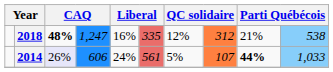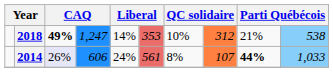 <table class="wikitable" style="float:right; width:400; font-size:90%; margin-left:1em;">
 <tr>
 <th colspan="2" scope="col">Year</th>
 <th colspan="2" scope="col"><a href='#'>CAQ</a></th>
 <th colspan="2" scope="col"><a href='#'>Liberal</a></th>
 <th colspan="2" scope="col"><a href='#'>QC solidaire</a></th>
 <th colspan="2" scope="col"><a href='#'>Parti Québécois</a></th>
 </tr>
 <tr>
 <td style="width: 0.25em; background-color: "></td>
 <th><a href='#'>2018</a></th>
-<td><strong>48%</strong></td>
+<td><strong>49%</strong></td>
 <td style="text-align:right; background:#1E90FF;"><em>1,247</em></td>
-<td>16%</td>
-<td style="text-align:right; background:#EA6D6A;"><em>335</em></td>
-<td>12%</td>
+<td>14%</td>
+<td style="text-align:right; background:#EA6D6A;"><em>353</em></td>
+<td>10%</td>
 <td style="text-align:right; background:#FF8040;"><em>312</em></td>
 <td>21%</td>
 <td style="text-align:right; background:#87CEFA;"><em>538</em></td>
 </tr>
 <tr>
 <td style="width: 0.25em; background-color: "></td>
 <th><a href='#'>2014</a></th>
 <td style="background: lavender;">26%</td>
 <td style="text-align:right; background:#1E90FF;"><em>606</em></td>
 <td>24%</td>
 <td style="text-align:right; background:#EA6D6A;"><em>561</em></td>
-<td>5%</td>
+<td>8%</td>
 <td style="text-align:right; background:#FF8040;"><em>107</em></td>
 <td><strong>44%</strong></td>
 <td style="text-align:right; background:#87CEFA;"><em>1,033</em></td>
 </tr>
 <tr>
 </tr>
 </table>
